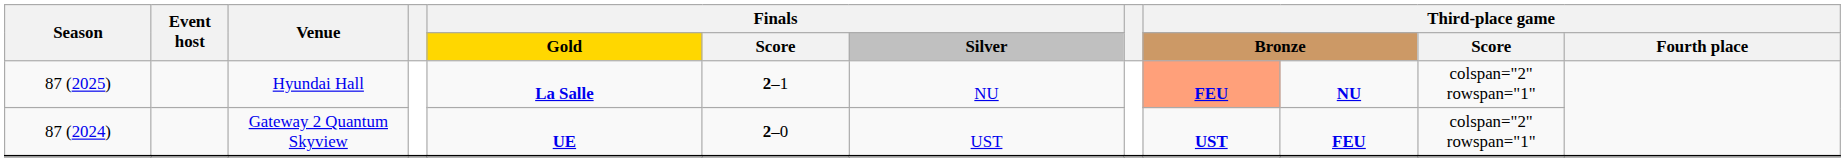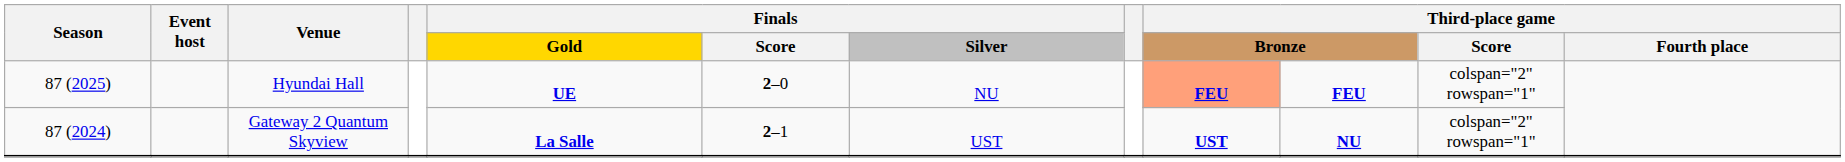 <table class="wikitable" style="text-align:center; font-size:90%;" cellpadding="3" cellspacing="0">
 <tr>
 <th width=8% rowspan=2>Season</th>
 <th rowspan=2>Event host</th>
 <th rowspan=2>Venue</th>
 <th width=1% rowspan=2></th>
 <th colspan=3>Finals</th>
 <th width=1% rowspan=2></th>
 <th colspan=4>Third-place game</th>
 </tr>
 <tr>
 <th width=15%; style="background:gold;">Gold</th>
 <th width=8%>Score</th>
 <th width=15%; style="background:silver;">Silver</th>
 <th width=15%; style="background:#cc9966;" colspan=2>Bronze</th>
 <th width=8%>Score</th>
 <th width=15%>Fourth place</th>
 </tr>
 <tr>
 <td>87 (<a href='#'>2025</a>)</td>
 <td><br></td>
 <td><a href='#'>Hyundai Hall</a></td>
 <td style="background-color:white;" rowspan="2"></td>
-<td><br><strong><a href='#'>La Salle</a></strong></td>
-<td><strong>2</strong>–1</td>
+<td><br><strong><a href='#'>UE</a></strong></td>
+<td><strong>2</strong>–0</td>
 <td><br><a href='#'>NU</a></td>
 <td style="background-color:white;" rowspan="2"></td>
 <td style="background: lightsalmon;"><br><strong><a href='#'>FEU</a></strong></td>
-<td><br><strong><a href='#'>NU</a></strong></td>
+<td><br><strong><a href='#'>FEU</a></strong></td>
 <td>colspan="2" rowspan="1" </td>
 </tr>
 <tr>
 <td>87 (<a href='#'>2024</a>)</td>
 <td><br></td>
 <td><a href='#'>Gateway 2 Quantum Skyview</a></td>
-<td><br><strong><a href='#'>UE</a></strong></td>
-<td><strong>2</strong>–0</td>
+<td><br><strong><a href='#'>La Salle</a></strong></td>
+<td><strong>2</strong>–1</td>
 <td><br><a href='#'>UST</a></td>
 <td><br><strong><a href='#'>UST</a></strong></td>
-<td><br><strong><a href='#'>FEU</a></strong></td>
+<td><br><strong><a href='#'>NU</a></strong></td>
 <td>colspan="2" rowspan="1" </td>
 </tr>
 <tr style="border-top:2px solid black;">
 </tr>
 </table>
